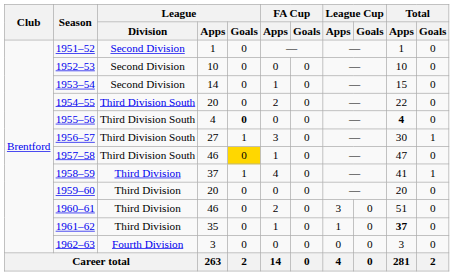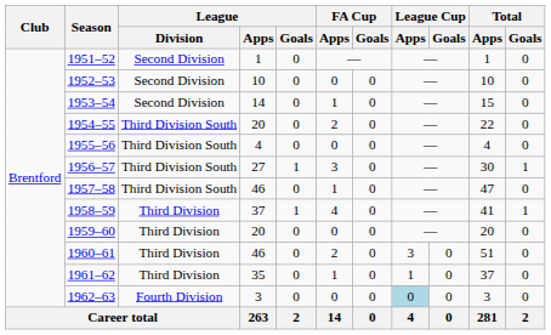 <table class="wikitable" style="text-align: center;">
 <tr>
 <th rowspan="2">Club</th>
 <th rowspan="2">Season</th>
 <th colspan="3">League</th>
 <th colspan="2">FA Cup</th>
 <th colspan="2">League Cup</th>
 <th colspan="2">Total</th>
 </tr>
 <tr>
 <th>Division</th>
 <th>Apps</th>
 <th>Goals</th>
 <th>Apps</th>
 <th>Goals</th>
 <th>Apps</th>
 <th>Goals</th>
 <th>Apps</th>
 <th>Goals</th>
 </tr>
 <tr>
 <td rowspan="12"><a href='#'>Brentford</a></td>
 <td><a href='#'>1951–52</a></td>
 <td><a href='#'>Second Division</a></td>
 <td>1</td>
 <td>0</td>
 <td colspan="2">—</td>
 <td colspan="2">—</td>
 <td>1</td>
 <td>0</td>
 </tr>
 <tr>
 <td><a href='#'>1952–53</a></td>
 <td>Second Division</td>
 <td>10</td>
 <td>0</td>
 <td>0</td>
 <td>0</td>
 <td colspan="2">—</td>
 <td>10</td>
 <td>0</td>
 </tr>
 <tr>
 <td><a href='#'>1953–54</a></td>
 <td>Second Division</td>
 <td>14</td>
 <td>0</td>
 <td>1</td>
 <td>0</td>
 <td colspan="2">—</td>
 <td>15</td>
 <td>0</td>
 </tr>
 <tr>
 <td><a href='#'>1954–55</a></td>
 <td><a href='#'>Third Division South</a></td>
 <td>20</td>
 <td>0</td>
 <td>2</td>
 <td>0</td>
 <td colspan="2">—</td>
 <td>22</td>
 <td>0</td>
 </tr>
 <tr>
 <td><a href='#'>1955–56</a></td>
 <td>Third Division South</td>
 <td>4</td>
-<td><strong>0</strong></td>
+<td>0</td>
 <td>0</td>
 <td>0</td>
 <td colspan="2">—</td>
-<td><strong>4</strong></td>
+<td>4</td>
 <td>0</td>
 </tr>
 <tr>
 <td><a href='#'>1956–57</a></td>
 <td>Third Division South</td>
 <td>27</td>
 <td>1</td>
 <td>3</td>
 <td>0</td>
 <td colspan="2">—</td>
 <td>30</td>
 <td>1</td>
 </tr>
 <tr>
 <td><a href='#'>1957–58</a></td>
 <td>Third Division South</td>
 <td>46</td>
-<td style="background: gold;">0</td>
+<td>0</td>
 <td>1</td>
 <td>0</td>
 <td colspan="2">—</td>
 <td>47</td>
 <td>0</td>
 </tr>
 <tr>
 <td><a href='#'>1958–59</a></td>
 <td><a href='#'>Third Division</a></td>
 <td>37</td>
 <td>1</td>
 <td>4</td>
 <td>0</td>
 <td colspan="2">—</td>
 <td>41</td>
 <td>1</td>
 </tr>
 <tr>
 <td><a href='#'>1959–60</a></td>
 <td>Third Division</td>
 <td>20</td>
 <td>0</td>
 <td>0</td>
 <td>0</td>
 <td colspan="2">—</td>
 <td>20</td>
 <td>0</td>
 </tr>
 <tr>
 <td><a href='#'>1960–61</a></td>
 <td>Third Division</td>
 <td>46</td>
 <td>0</td>
 <td>2</td>
 <td>0</td>
 <td>3</td>
 <td>0</td>
 <td>51</td>
 <td>0</td>
 </tr>
 <tr>
 <td><a href='#'>1961–62</a></td>
 <td>Third Division</td>
 <td>35</td>
 <td>0</td>
 <td>1</td>
 <td>0</td>
 <td>1</td>
 <td>0</td>
-<td><strong>37</strong></td>
+<td>37</td>
 <td>0</td>
 </tr>
 <tr>
 <td><a href='#'>1962–63</a></td>
 <td><a href='#'>Fourth Division</a></td>
 <td>3</td>
 <td>0</td>
 <td>0</td>
 <td>0</td>
-<td>0</td>
+<td style="background: lightblue;">0</td>
 <td>0</td>
 <td>3</td>
 <td>0</td>
 </tr>
 <tr>
 <th colspan="3">Career total</th>
 <th>263</th>
 <th>2</th>
 <th>14</th>
 <th>0</th>
 <th>4</th>
 <th>0</th>
 <th>281</th>
 <th>2</th>
 </tr>
 </table>
